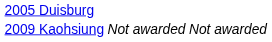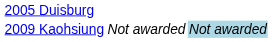 <table>
 <tr>
 <td><a href='#'>2005 Duisburg</a></td>
 <td></td>
 <td></td>
 <td></td>
 </tr>
 <tr>
 <td><a href='#'>2009 Kaohsiung</a></td>
 <td><em>Not awarded</em></td>
-<td><em>Not awarded</em></td>
+<td style="background: lightblue;"><em>Not awarded</em></td>
 <td></td>
 </tr>
 </table>
